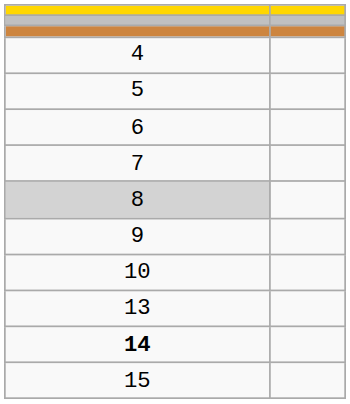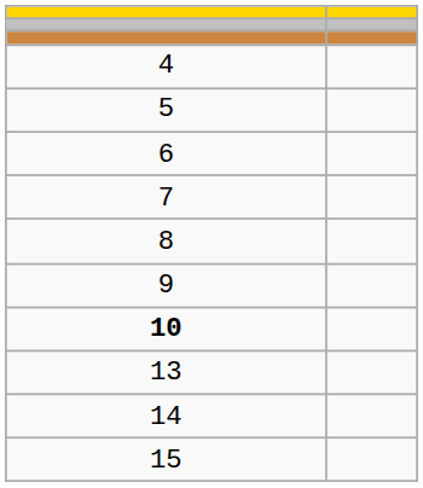 <table class="wikitable" style="width:200px;">
 <tr style="background:gold;">
 <td align=center></td>
 <td></td>
 </tr>
 <tr style="background:silver;">
 <td align=center></td>
 <td></td>
 </tr>
 <tr style="background:peru;">
 <td align=center></td>
 <td></td>
 </tr>
 <tr>
 <td align=center>4</td>
 <td></td>
 </tr>
 <tr>
 <td align=center>5</td>
 <td></td>
 </tr>
 <tr>
 <td align=center>6</td>
 <td></td>
 </tr>
 <tr>
 <td align=center>7</td>
 <td></td>
 </tr>
 <tr>
-<td align=center style="background: lightgrey;">8</td>
+<td align=center>8</td>
 <td></td>
 </tr>
 <tr>
 <td align=center>9</td>
 <td></td>
 </tr>
 <tr>
-<td align=center>10</td>
+<td align=center><strong>10</strong></td>
 <td></td>
 </tr>
 <tr>
 <td align=center>13</td>
 <td></td>
 </tr>
 <tr>
-<td align=center><strong>14</strong></td>
+<td align=center>14</td>
 <td></td>
 </tr>
 <tr>
 <td align=center>15</td>
 <td></td>
 </tr>
 </table>
